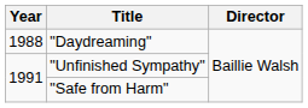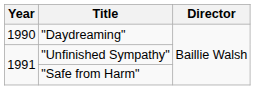 <table class="wikitable">
 <tr>
 <th>Year</th>
 <th>Title</th>
 <th>Director</th>
 </tr>
 <tr>
-<td style=text-align:center>1988</td>
+<td style=text-align:center>1990</td>
 <td>"Daydreaming" </td>
 <td rowspan=3>Baillie Walsh</td>
 </tr>
 <tr>
 <td style=text-align:center rowspan=2>1991</td>
 <td>"Unfinished Sympathy" </td>
 </tr>
 <tr>
 <td>"Safe from Harm" </td>
 </tr>
 </table>
